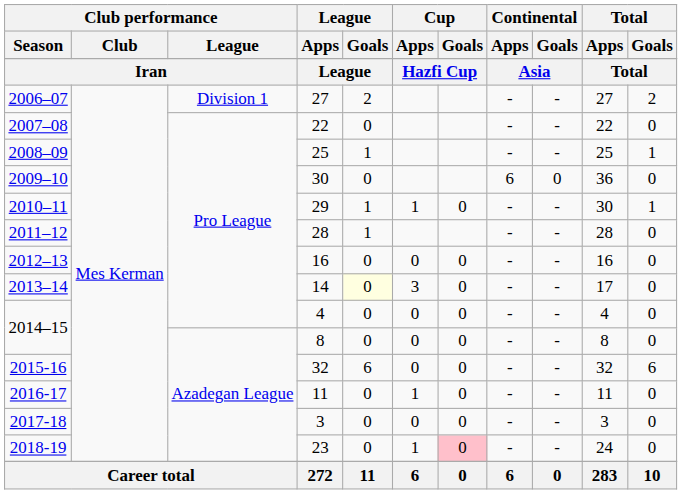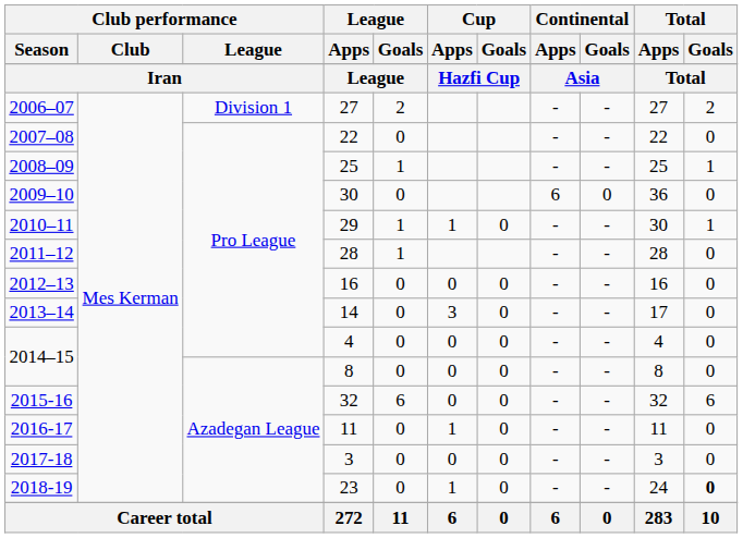 <table class="wikitable" style="text-align:center">
 <tr>
 <th colspan=3>Club performance</th>
 <th colspan=2>League</th>
 <th colspan=2>Cup</th>
 <th colspan=2>Continental</th>
 <th colspan=2>Total</th>
 </tr>
 <tr>
 <th>Season</th>
 <th>Club</th>
 <th>League</th>
 <th>Apps</th>
 <th>Goals</th>
 <th>Apps</th>
 <th>Goals</th>
 <th>Apps</th>
 <th>Goals</th>
 <th>Apps</th>
 <th>Goals</th>
 </tr>
 <tr>
 </tr>
 <tr>
 <th colspan=3>Iran</th>
 <th colspan=2>League</th>
 <th colspan=2><a href='#'>Hazfi Cup</a></th>
 <th colspan=2><a href='#'>Asia</a></th>
 <th colspan=2>Total</th>
 </tr>
 <tr>
 <td><a href='#'>2006–07</a></td>
 <td rowspan="14"><a href='#'>Mes Kerman</a></td>
 <td><a href='#'>Division 1</a></td>
 <td>27</td>
 <td>2</td>
 <td></td>
 <td></td>
 <td>-</td>
 <td>-</td>
 <td>27</td>
 <td>2</td>
 </tr>
 <tr>
 <td><a href='#'>2007–08</a></td>
 <td rowspan="8"><a href='#'>Pro League</a></td>
 <td>22</td>
 <td>0</td>
 <td></td>
 <td></td>
 <td>-</td>
 <td>-</td>
 <td>22</td>
 <td>0</td>
 </tr>
 <tr>
 <td><a href='#'>2008–09</a></td>
 <td>25</td>
 <td>1</td>
 <td></td>
 <td></td>
 <td>-</td>
 <td>-</td>
 <td>25</td>
 <td>1</td>
 </tr>
 <tr>
 <td><a href='#'>2009–10</a></td>
 <td>30</td>
 <td>0</td>
 <td></td>
 <td></td>
 <td>6</td>
 <td>0</td>
 <td>36</td>
 <td>0</td>
 </tr>
 <tr>
 <td><a href='#'>2010–11</a></td>
 <td>29</td>
 <td>1</td>
 <td>1</td>
 <td>0</td>
 <td>-</td>
 <td>-</td>
 <td>30</td>
 <td>1</td>
 </tr>
 <tr>
 <td><a href='#'>2011–12</a></td>
 <td>28</td>
 <td>1</td>
 <td></td>
 <td></td>
 <td>-</td>
 <td>-</td>
 <td>28</td>
 <td>0</td>
 </tr>
 <tr>
 <td><a href='#'>2012–13</a></td>
 <td>16</td>
 <td>0</td>
 <td>0</td>
 <td>0</td>
 <td>-</td>
 <td>-</td>
 <td>16</td>
 <td>0</td>
 </tr>
 <tr>
 <td><a href='#'>2013–14</a></td>
 <td>14</td>
-<td style="background: lightyellow;">0</td>
+<td>0</td>
 <td>3</td>
 <td>0</td>
 <td>-</td>
 <td>-</td>
 <td>17</td>
 <td>0</td>
 </tr>
 <tr>
 <td rowspan="2">2014–15</td>
 <td>4</td>
 <td>0</td>
 <td>0</td>
 <td>0</td>
 <td>-</td>
 <td>-</td>
 <td>4</td>
 <td>0</td>
 </tr>
 <tr>
 <td rowspan="5"><a href='#'>Azadegan League</a></td>
 <td>8</td>
 <td>0</td>
 <td>0</td>
 <td>0</td>
 <td>-</td>
 <td>-</td>
 <td>8</td>
 <td>0</td>
 </tr>
 <tr>
 <td><a href='#'>2015-16</a></td>
 <td>32</td>
 <td>6</td>
 <td>0</td>
 <td>0</td>
 <td>-</td>
 <td>-</td>
 <td>32</td>
 <td>6</td>
 </tr>
 <tr>
 <td><a href='#'>2016-17</a></td>
 <td>11</td>
 <td>0</td>
 <td>1</td>
 <td>0</td>
 <td>-</td>
 <td>-</td>
 <td>11</td>
 <td>0</td>
 </tr>
 <tr>
 <td><a href='#'>2017-18</a></td>
 <td>3</td>
 <td>0</td>
 <td>0</td>
 <td>0</td>
 <td>-</td>
 <td>-</td>
 <td>3</td>
 <td>0</td>
 </tr>
 <tr>
 <td><a href='#'>2018-19</a></td>
 <td>23</td>
 <td>0</td>
 <td>1</td>
-<td style="background: pink;">0</td>
+<td>0</td>
 <td>-</td>
 <td>-</td>
 <td>24</td>
-<td>0</td>
+<td><strong>0</strong></td>
 </tr>
 <tr>
 </tr>
 <tr>
 <th colspan=3>Career total</th>
 <th>272</th>
 <th>11</th>
 <th>6</th>
 <th>0</th>
 <th>6</th>
 <th>0</th>
 <th>283</th>
 <th>10</th>
 </tr>
 </table>
